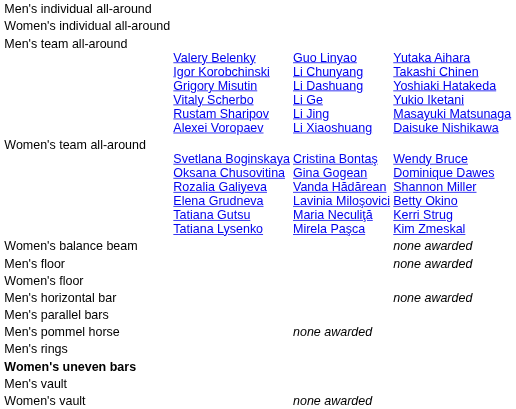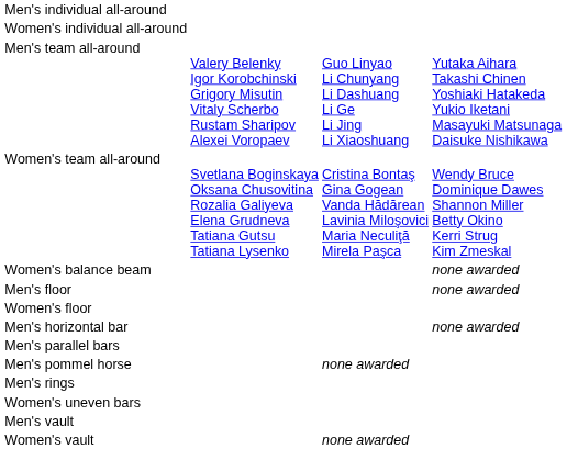 <table>
 <tr valign="top">
 <td>Men's individual all-around<br></td>
 <td></td>
 <td></td>
 <td></td>
 </tr>
 <tr valign="top">
 <td>Women's individual all-around<br></td>
 <td></td>
 <td></td>
 <td></td>
 </tr>
 <tr valign="top">
 <td>Men's team all-around<br></td>
 <td><br><a href='#'>Valery Belenky</a><br><a href='#'>Igor Korobchinski</a><br><a href='#'>Grigory Misutin</a><br><a href='#'>Vitaly Scherbo</a><br><a href='#'>Rustam Sharipov</a><br><a href='#'>Alexei Voropaev</a></td>
 <td><br><a href='#'>Guo Linyao</a><br><a href='#'>Li Chunyang</a><br><a href='#'>Li Dashuang</a><br><a href='#'>Li Ge</a><br><a href='#'>Li Jing</a><br><a href='#'>Li Xiaoshuang</a></td>
 <td><br><a href='#'>Yutaka Aihara</a><br><a href='#'>Takashi Chinen</a><br><a href='#'>Yoshiaki Hatakeda</a><br><a href='#'>Yukio Iketani</a><br><a href='#'>Masayuki Matsunaga</a><br><a href='#'>Daisuke Nishikawa</a></td>
 </tr>
 <tr valign="top">
 <td>Women's team all-around<br></td>
 <td><br><a href='#'>Svetlana Boginskaya</a><br><a href='#'>Oksana Chusovitina</a><br><a href='#'>Rozalia Galiyeva</a><br><a href='#'>Elena Grudneva</a><br><a href='#'>Tatiana Gutsu</a><br><a href='#'>Tatiana Lysenko</a></td>
 <td><br><a href='#'>Cristina Bontaş</a><br><a href='#'>Gina Gogean</a><br><a href='#'>Vanda Hădărean</a><br><a href='#'>Lavinia Miloşovici</a><br><a href='#'>Maria Neculiţă</a><br><a href='#'>Mirela Paşca</a></td>
 <td><br><a href='#'>Wendy Bruce</a><br><a href='#'>Dominique Dawes</a><br><a href='#'>Shannon Miller</a><br><a href='#'>Betty Okino</a><br><a href='#'>Kerri Strug</a><br><a href='#'>Kim Zmeskal</a></td>
 </tr>
 <tr valign="top">
 <td rowspan=2>Women's balance beam<br></td>
 <td rowspan=2></td>
 <td></td>
 <td rowspan=2><em>none awarded</em></td>
 </tr>
 <tr>
 <td></td>
 </tr>
 <tr valign="top">
 <td rowspan=2>Men's floor<br></td>
 <td rowspan=2></td>
 <td></td>
 <td rowspan=2><em>none awarded</em></td>
 </tr>
 <tr>
 <td></td>
 </tr>
 <tr valign="top">
 <td rowspan=3>Women's floor<br></td>
 <td rowspan=3></td>
 <td rowspan=3></td>
 <td></td>
 </tr>
 <tr>
 <td></td>
 </tr>
 <tr>
 <td></td>
 </tr>
 <tr valign="top">
 <td rowspan=2>Men's horizontal bar<br></td>
 <td rowspan=2></td>
 <td></td>
 <td rowspan=2><em>none awarded</em></td>
 </tr>
 <tr>
 <td></td>
 </tr>
 <tr valign="top">
 <td rowspan=3>Men's parallel bars<br></td>
 <td rowspan=3></td>
 <td rowspan=3></td>
 <td></td>
 </tr>
 <tr>
 <td></td>
 </tr>
 <tr>
 <td></td>
 </tr>
 <tr valign="top">
 <td rowspan=2>Men's pommel horse<br></td>
 <td></td>
 <td rowspan=2><em>none awarded</em></td>
 <td rowspan=2></td>
 </tr>
 <tr>
 <td></td>
 </tr>
 <tr valign="top">
 <td rowspan=2>Men's rings<br></td>
 <td rowspan=2></td>
 <td rowspan=2></td>
 <td></td>
 </tr>
 <tr>
 <td></td>
 </tr>
 <tr>
-<td><strong>Women's uneven bars<br></strong></td>
+<td>Women's uneven bars<br></td>
 <td></td>
 <td></td>
 <td></td>
 </tr>
 <tr>
 <td>Men's vault<br></td>
 <td></td>
 <td></td>
 <td></td>
 </tr>
 <tr valign="top">
 <td rowspan=2>Women's vault<br></td>
 <td></td>
 <td rowspan=2><em>none awarded</em></td>
 <td rowspan=2></td>
 </tr>
 <tr>
 <td></td>
 </tr>
 </table>
